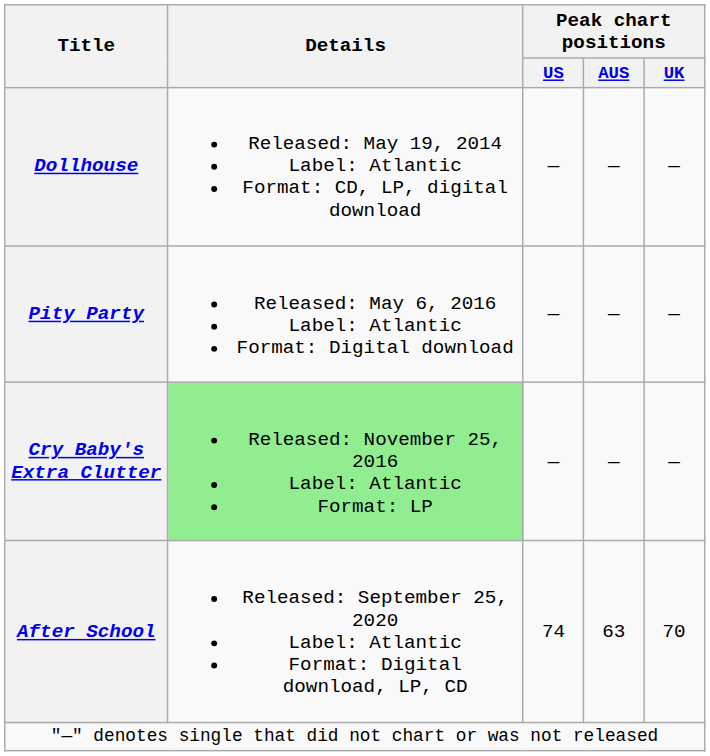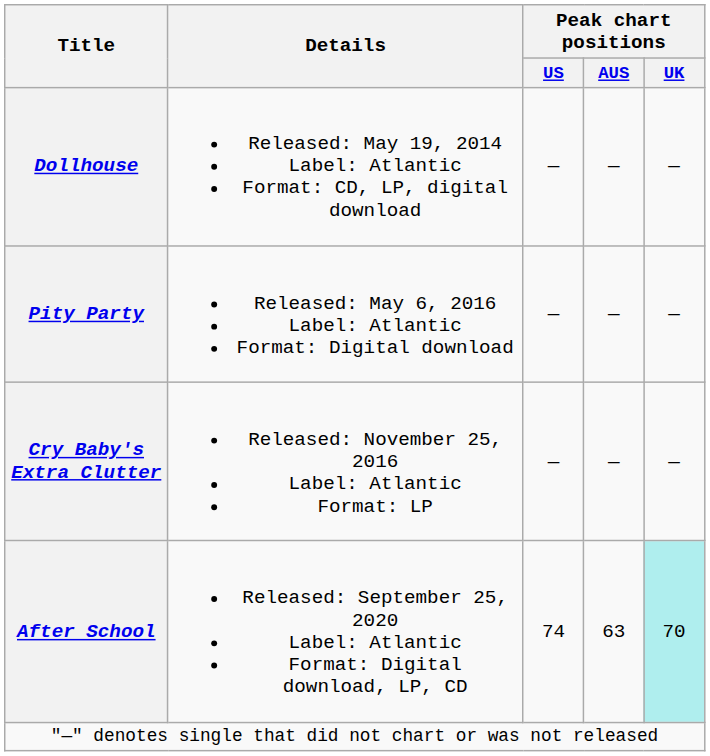 <table class="wikitable plainrowheaders" style="text-align:center;">
 <tr>
 <th rowspan="2" style="width:8em;">Title</th>
 <th rowspan="2" style="width:18em;">Details</th>
 <th scope="col" colspan="3">Peak chart positions</th>
 </tr>
 <tr>
 <th scope="col" style="width:3em;font-size:90%;"><a href='#'>US</a><br></th>
 <th scope="col" style="width:3em;font-size:90%;"><a href='#'>AUS</a><br></th>
 <th scope="col" style="width:3em;font-size:90%;"><a href='#'>UK</a><br></th>
 </tr>
 <tr>
 <th scope="row"><em><a href='#'>Dollhouse</a></em></th>
 <td><br><ul><li>Released: May 19, 2014</li><li>Label: Atlantic</li><li>Format: CD, LP, digital download</li></ul></td>
 <td>—</td>
 <td>—</td>
 <td>—</td>
 </tr>
 <tr>
 <th scope="row"><em><a href='#'>Pity Party</a></em></th>
 <td><br><ul><li>Released: May 6, 2016</li><li>Label: Atlantic</li><li>Format: Digital download</li></ul></td>
 <td>—</td>
 <td>—</td>
 <td>—</td>
 </tr>
 <tr>
 <th scope="row"><em><a href='#'>Cry Baby's Extra Clutter</a></em></th>
-<td style="background: lightgreen;"><br><ul><li>Released: November 25, 2016</li><li>Label: Atlantic</li><li>Format: LP</li></ul></td>
+<td><br><ul><li>Released: November 25, 2016</li><li>Label: Atlantic</li><li>Format: LP</li></ul></td>
 <td>—</td>
 <td>—</td>
 <td>—</td>
 </tr>
 <tr>
 <th scope="row"><em><a href='#'>After School</a></em></th>
 <td><br><ul><li>Released: September 25, 2020</li><li>Label: Atlantic</li><li>Format: Digital download, LP, CD</li></ul></td>
 <td>74</td>
 <td>63</td>
-<td>70</td>
+<td style="background: paleturquoise;">70</td>
 </tr>
 <tr>
 <td colspan="16" style="font-size:9pt">"—" denotes single that did not chart or was not released</td>
 </tr>
 </table>
